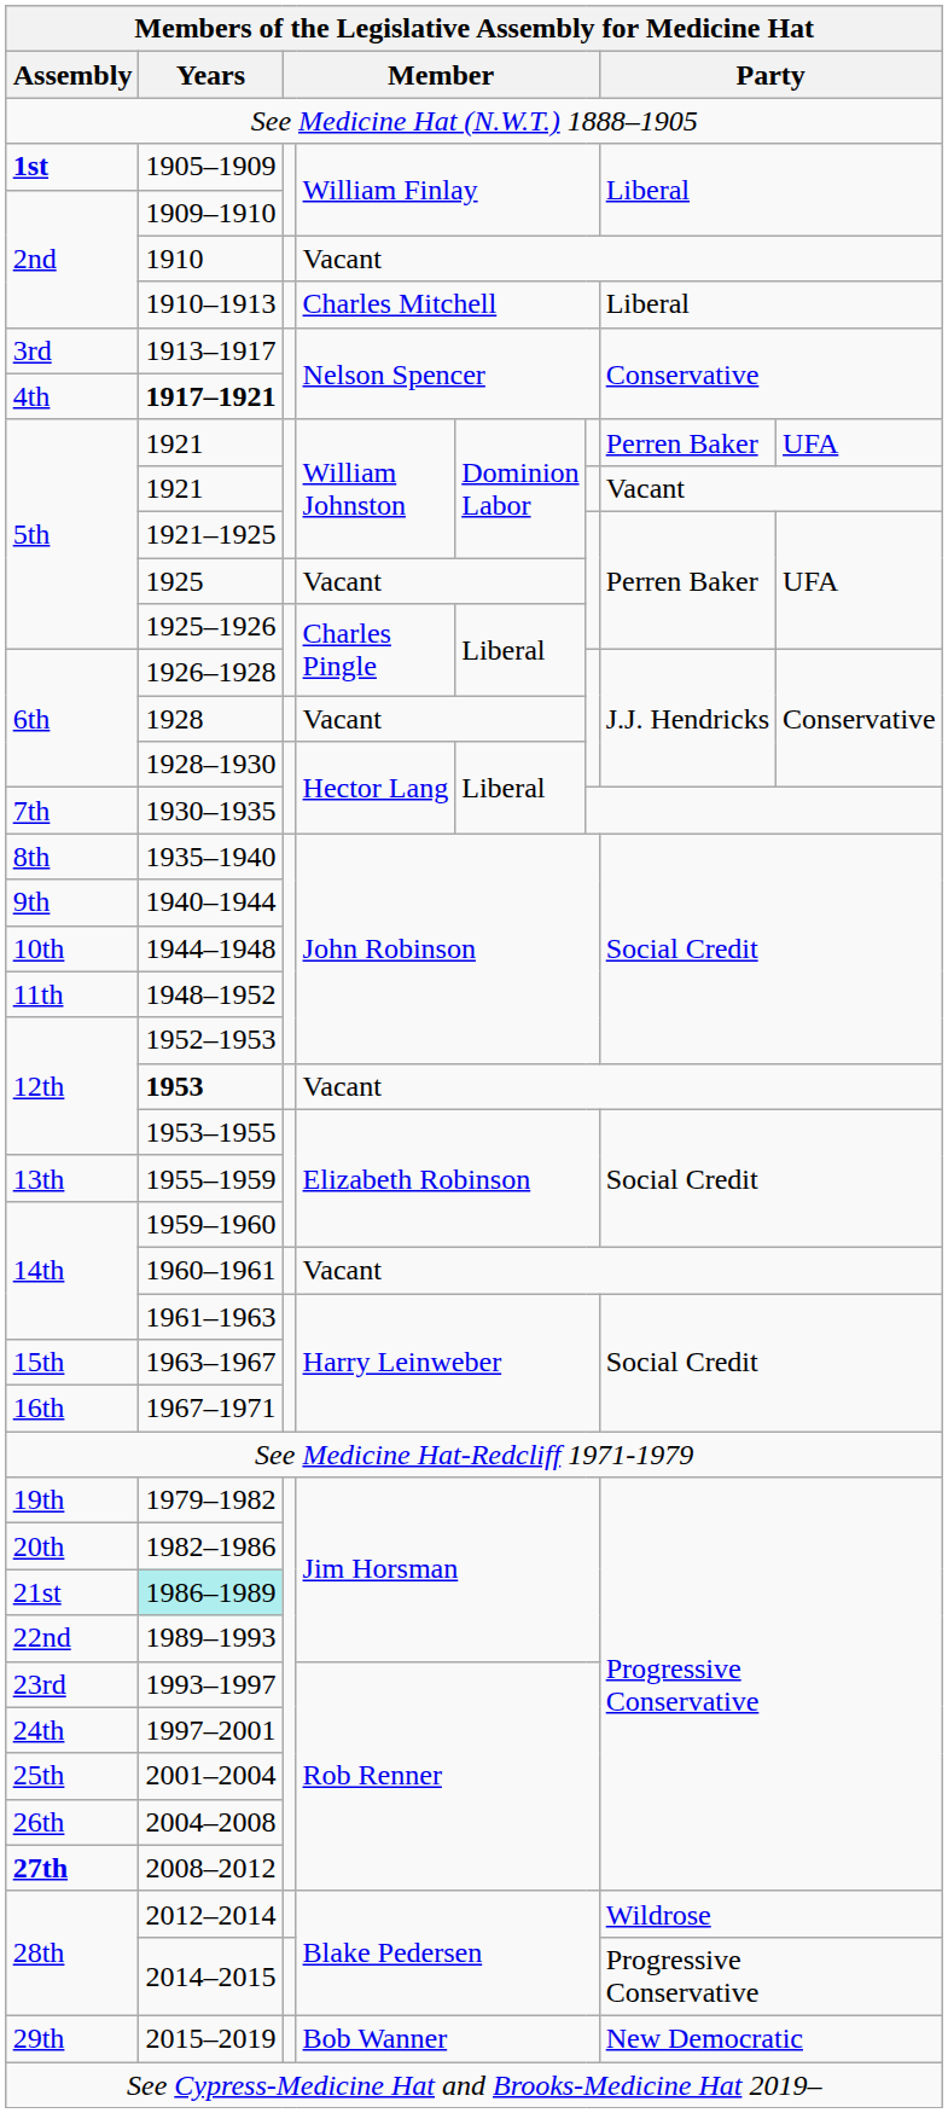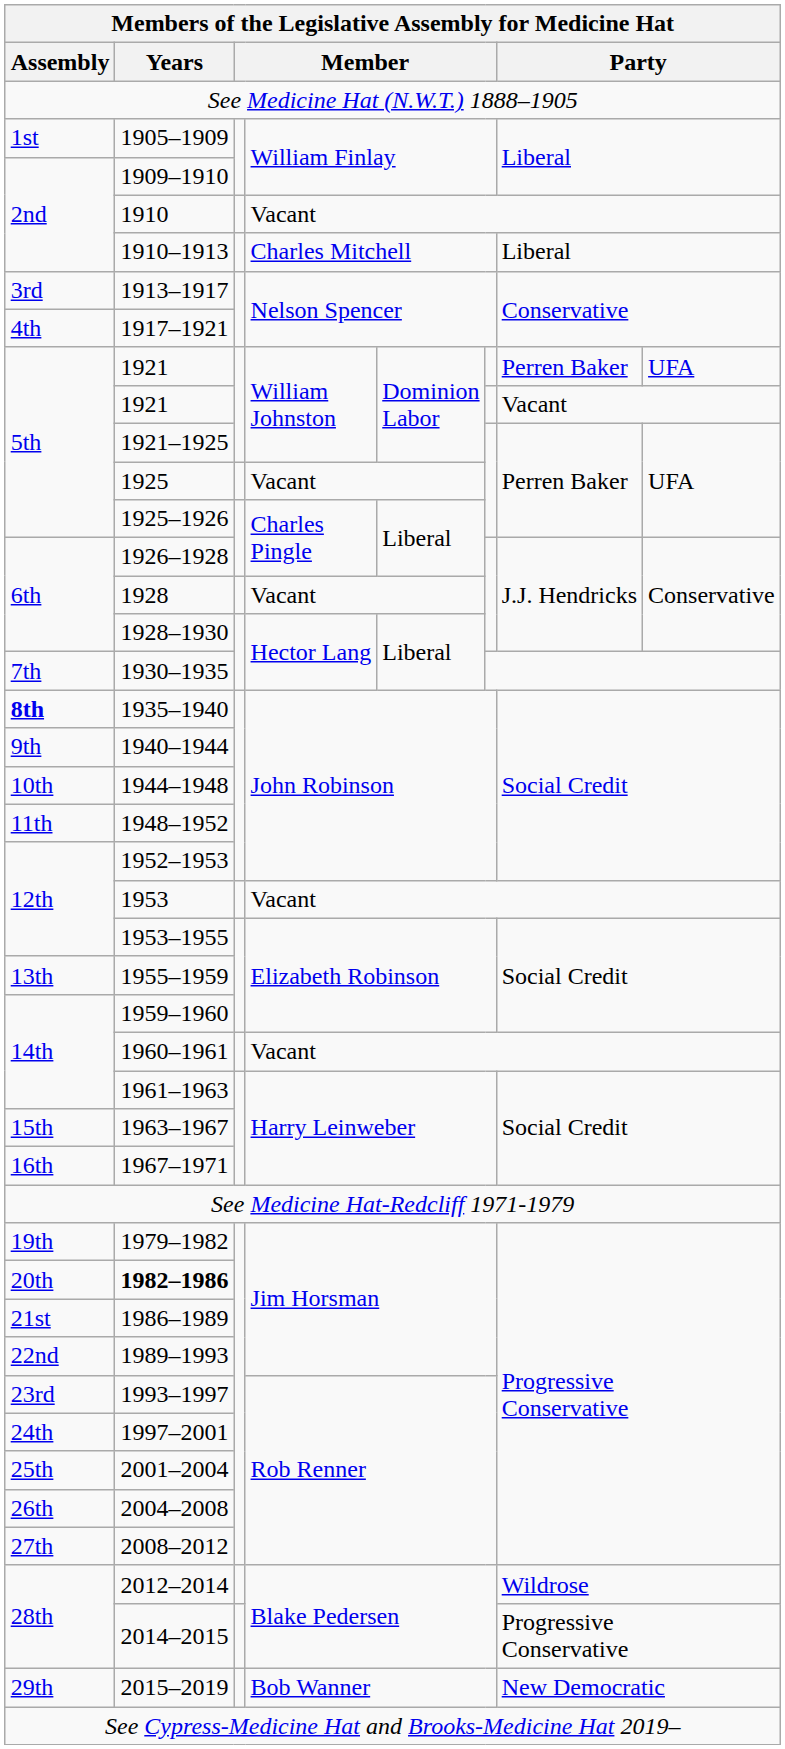 <table class="wikitable collapsible" align=right>
 <tr>
 <th colspan=8>Members of the Legislative Assembly for Medicine Hat</th>
 </tr>
 <tr>
 <th>Assembly</th>
 <th>Years</th>
 <th colspan=4>Member</th>
 <th colspan=2>Party</th>
 </tr>
 <tr>
 <td colspan=8 align=center><em>See <a href='#'>Medicine Hat (N.W.T.)</a> 1888–1905</em></td>
 </tr>
 <tr>
-<td><strong><a href='#'>1st</a></strong></td>
+<td><a href='#'>1st</a></td>
 <td>1905–1909</td>
 <td rowspan=2 ></td>
 <td rowspan=2 colspan=3><a href='#'>William Finlay</a></td>
 <td rowspan=2 colspan=2><a href='#'>Liberal</a></td>
 </tr>
 <tr>
 <td rowspan=3><a href='#'>2nd</a></td>
 <td>1909–1910</td>
 </tr>
 <tr>
 <td>1910</td>
 <td></td>
 <td colspan=6>Vacant</td>
 </tr>
 <tr>
 <td>1910–1913</td>
 <td></td>
 <td colspan=3><a href='#'>Charles Mitchell</a></td>
 <td colspan=2>Liberal</td>
 </tr>
 <tr>
 <td><a href='#'>3rd</a></td>
 <td>1913–1917</td>
 <td rowspan=2 ></td>
 <td rowspan=2 colspan=3><a href='#'>Nelson Spencer</a></td>
 <td rowspan=2 colspan=2><a href='#'>Conservative</a></td>
 </tr>
 <tr>
 <td><a href='#'>4th</a></td>
-<td><strong>1917–1921</strong></td>
+<td>1917–1921</td>
 </tr>
 <tr>
 <td rowspan=5><a href='#'>5th</a></td>
 <td>1921</td>
 <td rowspan=3 ></td>
 <td rowspan=3><a href='#'>William <br>Johnston</a></td>
 <td rowspan=3><a href='#'>Dominion<br>Labor</a></td>
 <td></td>
 <td><a href='#'>Perren Baker</a></td>
 <td><a href='#'>UFA</a></td>
 </tr>
 <tr>
 <td>1921</td>
 <td></td>
 <td colspan=2>Vacant</td>
 </tr>
 <tr>
 <td>1921–1925</td>
 <td rowspan=3 ></td>
 <td rowspan=3>Perren Baker</td>
 <td rowspan=3>UFA</td>
 </tr>
 <tr>
 <td>1925</td>
 <td></td>
 <td colspan=2>Vacant</td>
 </tr>
 <tr>
 <td>1925–1926</td>
 <td rowspan=2 ></td>
 <td rowspan=2><a href='#'>Charles<br>Pingle</a></td>
 <td rowspan=2>Liberal</td>
 </tr>
 <tr>
 <td rowspan=3><a href='#'>6th</a></td>
 <td>1926–1928</td>
 <td rowspan=3 ></td>
 <td rowspan=3>J.J. Hendricks</td>
 <td rowspan=3>Conservative</td>
 </tr>
 <tr>
 <td>1928</td>
 <td></td>
 <td colspan=6>Vacant</td>
 </tr>
 <tr>
 <td>1928–1930</td>
 <td rowspan=2 ></td>
 <td rowspan=2><a href='#'>Hector Lang</a></td>
 <td rowspan=2>Liberal</td>
 </tr>
 <tr>
 <td><a href='#'>7th</a></td>
 <td>1930–1935</td>
 </tr>
 <tr>
-<td><a href='#'>8th</a></td>
+<td><strong><a href='#'>8th</a></strong></td>
 <td>1935–1940</td>
 <td rowspan=5 ></td>
 <td colspan=3 rowspan=5><a href='#'>John Robinson</a></td>
 <td rowspan=5 colspan=2><a href='#'>Social Credit</a></td>
 </tr>
 <tr>
 <td><a href='#'>9th</a></td>
 <td>1940–1944</td>
 </tr>
 <tr>
 <td><a href='#'>10th</a></td>
 <td>1944–1948</td>
 </tr>
 <tr>
 <td><a href='#'>11th</a></td>
 <td>1948–1952</td>
 </tr>
 <tr>
 <td rowspan=3><a href='#'>12th</a></td>
 <td>1952–1953</td>
 </tr>
 <tr>
-<td><strong>1953</strong></td>
+<td>1953</td>
 <td></td>
 <td colspan=6>Vacant</td>
 </tr>
 <tr>
 <td>1953–1955</td>
 <td rowspan=3 ></td>
 <td colspan=3 rowspan=3><a href='#'>Elizabeth Robinson</a></td>
 <td rowspan=3 colspan=2>Social Credit</td>
 </tr>
 <tr>
 <td><a href='#'>13th</a></td>
 <td>1955–1959</td>
 </tr>
 <tr>
 <td rowspan=3><a href='#'>14th</a></td>
 <td>1959–1960</td>
 </tr>
 <tr>
 <td>1960–1961</td>
 <td></td>
 <td colspan=6>Vacant</td>
 </tr>
 <tr>
 <td>1961–1963</td>
 <td rowspan=3 ></td>
 <td colspan=3 rowspan=3><a href='#'>Harry Leinweber</a></td>
 <td rowspan=3 colspan=2>Social Credit</td>
 </tr>
 <tr>
 <td><a href='#'>15th</a></td>
 <td>1963–1967</td>
 </tr>
 <tr>
 <td><a href='#'>16th</a></td>
 <td>1967–1971</td>
 </tr>
 <tr>
 <td colspan=8 align=center><em>See <a href='#'>Medicine Hat-Redcliff</a> 1971-1979</em></td>
 </tr>
 <tr>
 <td><a href='#'>19th</a></td>
 <td>1979–1982</td>
 <td rowspan=9 ></td>
 <td colspan=3 rowspan=4><a href='#'>Jim Horsman</a></td>
 <td colspan=2 rowspan=9><a href='#'>Progressive<br>Conservative</a></td>
 </tr>
 <tr>
 <td><a href='#'>20th</a></td>
-<td>1982–1986</td>
+<td><strong>1982–1986</strong></td>
 </tr>
 <tr>
 <td><a href='#'>21st</a></td>
-<td style="background: paleturquoise;">1986–1989</td>
+<td>1986–1989</td>
 </tr>
 <tr>
 <td><a href='#'>22nd</a></td>
 <td>1989–1993</td>
 </tr>
 <tr>
 <td><a href='#'>23rd</a></td>
 <td>1993–1997</td>
 <td colspan=3 rowspan=5><a href='#'>Rob Renner</a></td>
 </tr>
 <tr>
 <td><a href='#'>24th</a></td>
 <td>1997–2001</td>
 </tr>
 <tr>
 <td><a href='#'>25th</a></td>
 <td>2001–2004</td>
 </tr>
 <tr>
 <td><a href='#'>26th</a></td>
 <td>2004–2008</td>
 </tr>
 <tr>
-<td><strong><a href='#'>27th</a></strong></td>
+<td><a href='#'>27th</a></td>
 <td>2008–2012</td>
 </tr>
 <tr>
 <td rowspan=2><a href='#'>28th</a></td>
 <td>2012–2014</td>
 <td></td>
 <td rowspan=2 colspan=3><a href='#'>Blake Pedersen</a></td>
 <td colspan=2><a href='#'>Wildrose</a></td>
 </tr>
 <tr>
 <td>2014–2015</td>
 <td></td>
 <td colspan=2>Progressive<br>Conservative</td>
 </tr>
 <tr>
 <td><a href='#'>29th</a></td>
 <td>2015–2019</td>
 <td></td>
 <td colspan=3><a href='#'>Bob Wanner</a></td>
 <td colspan=2><a href='#'>New Democratic</a></td>
 </tr>
 <tr>
 <td colspan=8 align=center><em>See <a href='#'>Cypress-Medicine Hat</a> and <a href='#'>Brooks-Medicine Hat</a> 2019–</em></td>
 </tr>
 </table>
